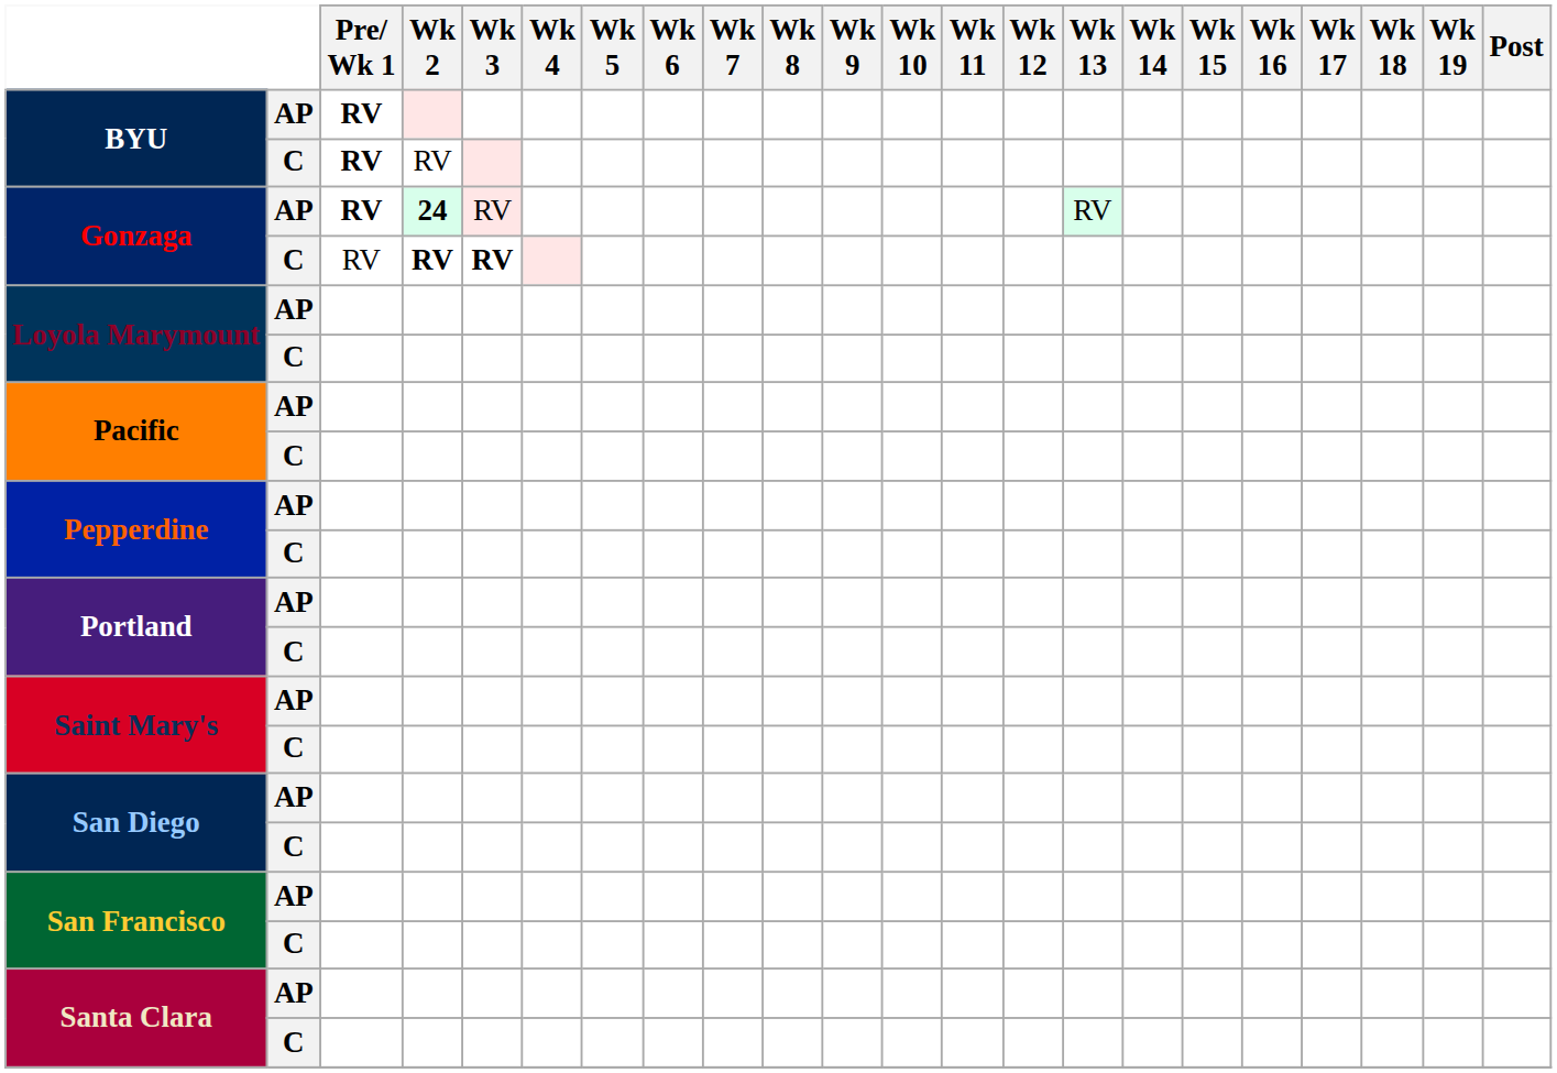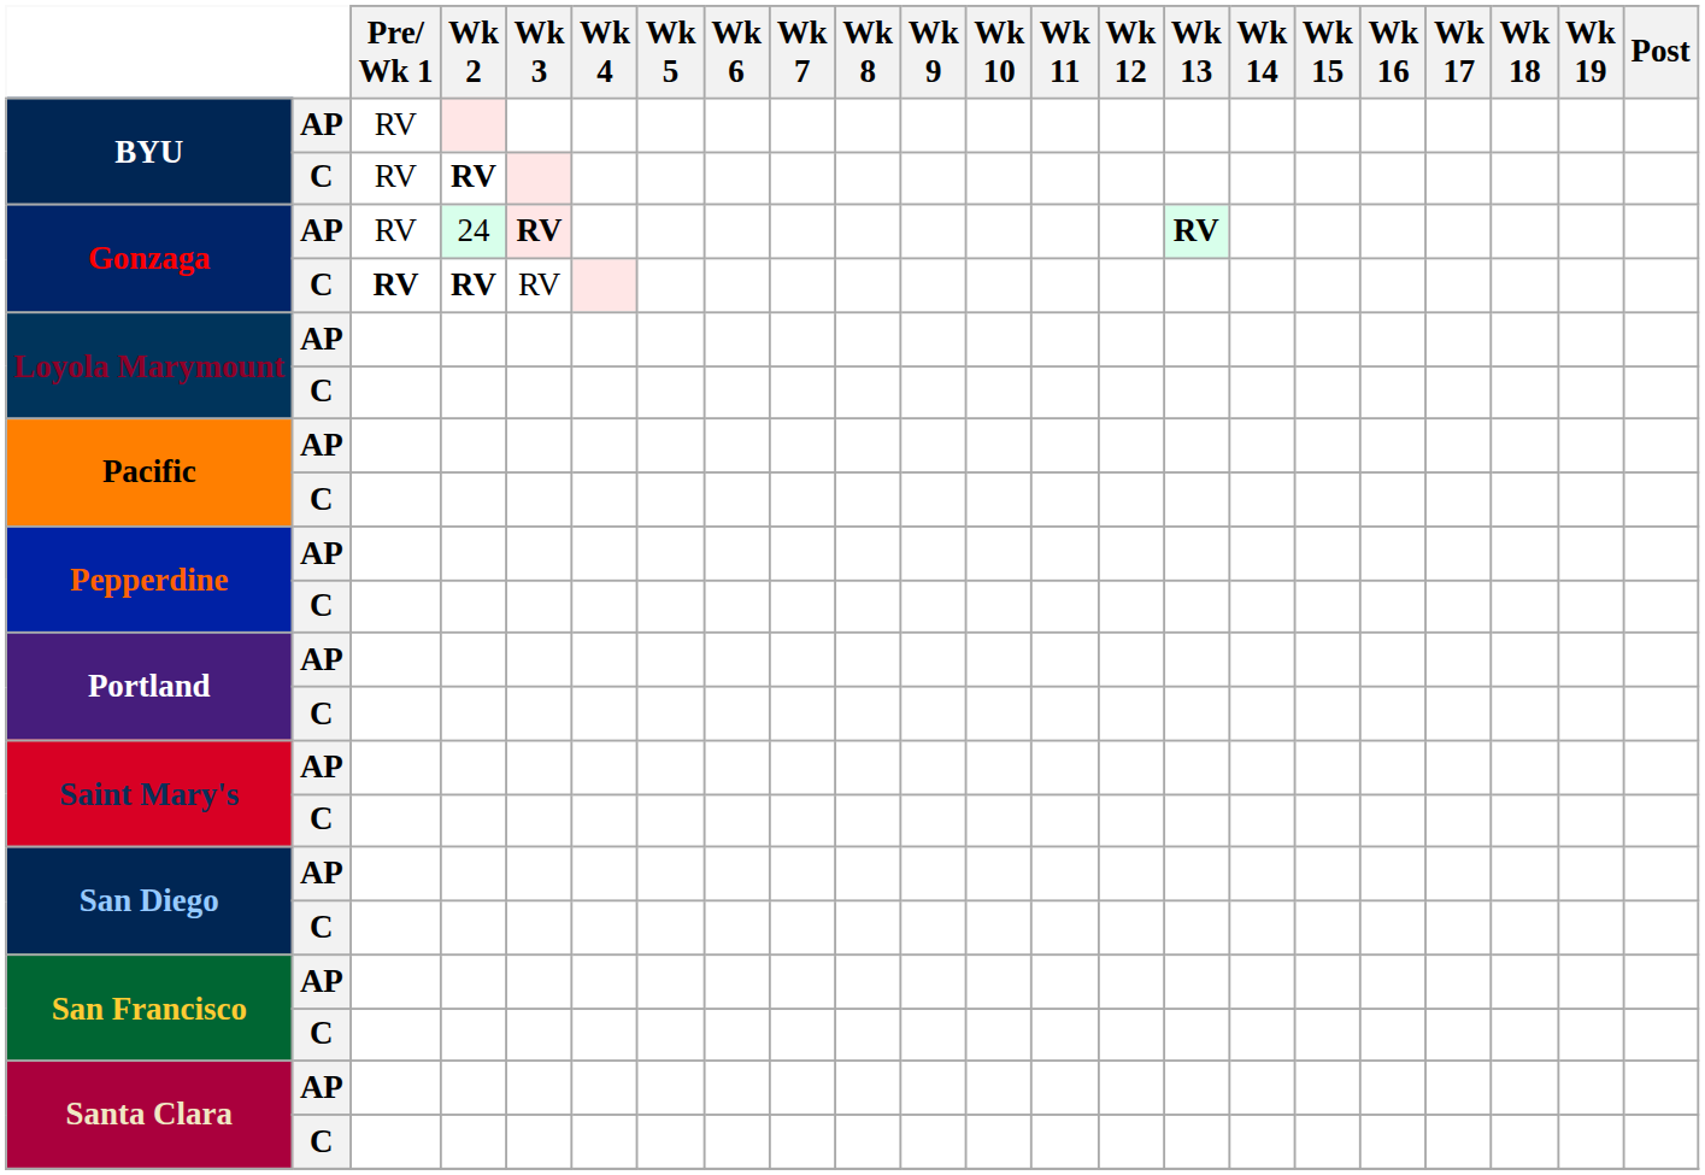 <table class="wikitable" style="white-space:nowrap;font-size:90%;">
 <tr>
 <th colspan=2 style="background:white; border-top-style:hidden; border-left-style:hidden;"> </th>
 <th>Pre/<br>Wk 1</th>
 <th>Wk<br>2</th>
 <th>Wk<br>3</th>
 <th>Wk<br>4</th>
 <th>Wk<br>5</th>
 <th>Wk<br>6</th>
 <th>Wk<br>7</th>
 <th>Wk<br>8</th>
 <th>Wk<br>9</th>
 <th>Wk<br>10</th>
 <th>Wk<br>11</th>
 <th>Wk<br>12</th>
 <th>Wk<br>13</th>
 <th>Wk<br>14</th>
 <th>Wk<br>15</th>
 <th>Wk<br>16</th>
 <th>Wk<br>17</th>
 <th>Wk<br>18</th>
 <th>Wk<br>19</th>
 <th>Post</th>
 </tr>
 <tr style="text-align:center;">
 <th rowspan=2 style="background:#002654; color:#FFFFFF;">BYU</th>
 <th>AP</th>
-<td style="background:#FFF;"><strong>RV</strong></td>
+<td style="background:#FFF;">RV</td>
 <td style="background:#FFE6E6;"></td>
 <td style="background:#FFF;"></td>
 <td style="background:#FFF;"></td>
 <td style="background:#FFF;"></td>
 <td style="background:#FFF;"></td>
 <td style="background:#FFF;"></td>
 <td style="background:#FFF;"></td>
 <td style="background:#FFF;"></td>
 <td style="background:#FFF;"></td>
 <td style="background:#FFF;"></td>
 <td style="background:#FFF;"></td>
 <td style="background:#FFF;"></td>
 <td style="background:#FFF;"></td>
 <td style="background:#FFF;"></td>
 <td style="background:#FFF;"></td>
 <td style="background:#FFF;"></td>
 <td style="background:#FFF;"></td>
 <td style="background:#FFF;"></td>
 <td style="background:#FFF;"></td>
 </tr>
 <tr style="text-align:center;">
 <th>C</th>
+<td style="background:#FFF;">RV</td>
 <td style="background:#FFF;"><strong>RV</strong></td>
-<td style="background:#FFF;">RV</td>
 <td style="background:#FFE6E6;"></td>
 <td style="background:#FFF;"></td>
 <td style="background:#FFF;"></td>
 <td style="background:#FFF;"></td>
 <td style="background:#FFF;"></td>
 <td style="background:#FFF;"></td>
 <td style="background:#FFF;"></td>
 <td style="background:#FFF;"></td>
 <td style="background:#FFF;"></td>
 <td style="background:#FFF;"></td>
 <td style="background:#FFF;"></td>
 <td style="background:#FFF;"></td>
 <td style="background:#FFF;"></td>
 <td style="background:#FFF;"></td>
 <td style="background:#FFF;"></td>
 <td style="background:#FFF;"></td>
 <td style="background:#FFF;"></td>
 <td style="background:#FFF;"></td>
 </tr>
 <tr style="text-align:center;">
 <th rowspan=2 style="background:#002469; color:#FF0000;">Gonzaga</th>
 <th>AP</th>
-<td style="background:#FFF;"><strong>RV</strong></td>
-<td style="background:#D8FFEB;"><strong>24</strong></td>
-<td style="background:#FFE6E6;">RV</td>
+<td style="background:#FFF;">RV</td>
+<td style="background:#D8FFEB;">24</td>
+<td style="background:#FFE6E6;"><strong>RV</strong></td>
 <td style="background:#FFF;"></td>
 <td style="background:#FFF;"></td>
 <td style="background:#FFF;"></td>
 <td style="background:#FFF;"></td>
 <td style="background:#FFF;"></td>
 <td style="background:#FFF;"></td>
 <td style="background:#FFF;"></td>
 <td style="background:#FFF;"></td>
 <td style="background:#FFF;"></td>
-<td style="background:#D8FFEB;">RV</td>
+<td style="background:#D8FFEB;"><strong>RV</strong></td>
 <td style="background:#FFF;"></td>
 <td style="background:#FFF;"></td>
 <td style="background:#FFF;"></td>
 <td style="background:#FFF;"></td>
 <td style="background:#FFF;"></td>
 <td style="background:#FFF;"></td>
 <td style="background:#FFF;"></td>
 </tr>
 <tr style="text-align:center;">
 <th>C</th>
-<td style="background:#FFF;">RV</td>
 <td style="background:#FFF;"><strong>RV</strong></td>
 <td style="background:#FFF;"><strong>RV</strong></td>
+<td style="background:#FFF;">RV</td>
 <td style="background:#FFE6E6;"></td>
 <td style="background:#FFF;"></td>
 <td style="background:#FFF;"></td>
 <td style="background:#FFF;"></td>
 <td style="background:#FFF;"></td>
 <td style="background:#FFF;"></td>
 <td style="background:#FFF;"></td>
 <td style="background:#FFF;"></td>
 <td style="background:#FFF;"></td>
 <td style="background:#FFF;"></td>
 <td style="background:#FFF;"></td>
 <td style="background:#FFF;"></td>
 <td style="background:#FFF;"></td>
 <td style="background:#FFF;"></td>
 <td style="background:#FFF;"></td>
 <td style="background:#FFF;"></td>
 <td style="background:#FFF;"></td>
 </tr>
 <tr style="text-align:center;">
 <th rowspan=2 style="background:#00345B; color:#8E0028;">Loyola Marymount</th>
 <th>AP</th>
 <td style="background:#FFF;"></td>
 <td style="background:#FFF;"></td>
 <td style="background:#FFF;"></td>
 <td style="background:#FFF;"></td>
 <td style="background:#FFF;"></td>
 <td style="background:#FFF;"></td>
 <td style="background:#FFF;"></td>
 <td style="background:#FFF;"></td>
 <td style="background:#FFF;"></td>
 <td style="background:#FFF;"></td>
 <td style="background:#FFF;"></td>
 <td style="background:#FFF;"></td>
 <td style="background:#FFF;"></td>
 <td style="background:#FFF;"></td>
 <td style="background:#FFF;"></td>
 <td style="background:#FFF;"></td>
 <td style="background:#FFF;"></td>
 <td style="background:#FFF;"></td>
 <td style="background:#FFF;"></td>
 <td style="background:#FFF;"></td>
 </tr>
 <tr style="text-align:center;">
 <th>C</th>
 <td style="background:#FFF;"></td>
 <td style="background:#FFF;"></td>
 <td style="background:#FFF;"></td>
 <td style="background:#FFF;"></td>
 <td style="background:#FFF;"></td>
 <td style="background:#FFF;"></td>
 <td style="background:#FFF;"></td>
 <td style="background:#FFF;"></td>
 <td style="background:#FFF;"></td>
 <td style="background:#FFF;"></td>
 <td style="background:#FFF;"></td>
 <td style="background:#FFF;"></td>
 <td style="background:#FFF;"></td>
 <td style="background:#FFF;"></td>
 <td style="background:#FFF;"></td>
 <td style="background:#FFF;"></td>
 <td style="background:#FFF;"></td>
 <td style="background:#FFF;"></td>
 <td style="background:#FFF;"></td>
 <td style="background:#FFF;"></td>
 </tr>
 <tr style="text-align:center;">
 <th rowspan=2 style="background:#FF7F00; color:#000000;">Pacific</th>
 <th>AP</th>
 <td style="background:#FFF;"></td>
 <td style="background:#FFF;"></td>
 <td style="background:#FFF;"></td>
 <td style="background:#FFF;"></td>
 <td style="background:#FFF;"></td>
 <td style="background:#FFF;"></td>
 <td style="background:#FFF;"></td>
 <td style="background:#FFF;"></td>
 <td style="background:#FFF;"></td>
 <td style="background:#FFF;"></td>
 <td style="background:#FFF;"></td>
 <td style="background:#FFF;"></td>
 <td style="background:#FFF;"></td>
 <td style="background:#FFF;"></td>
 <td style="background:#FFF;"></td>
 <td style="background:#FFF;"></td>
 <td style="background:#FFF;"></td>
 <td style="background:#FFF;"></td>
 <td style="background:#FFF;"></td>
 <td style="background:#FFF;"></td>
 </tr>
 <tr style="text-align:center;">
 <th>C</th>
 <td style="background:#FFF;"></td>
 <td style="background:#FFF;"></td>
 <td style="background:#FFF;"></td>
 <td style="background:#FFF;"></td>
 <td style="background:#FFF;"></td>
 <td style="background:#FFF;"></td>
 <td style="background:#FFF;"></td>
 <td style="background:#FFF;"></td>
 <td style="background:#FFF;"></td>
 <td style="background:#FFF;"></td>
 <td style="background:#FFF;"></td>
 <td style="background:#FFF;"></td>
 <td style="background:#FFF;"></td>
 <td style="background:#FFF;"></td>
 <td style="background:#FFF;"></td>
 <td style="background:#FFF;"></td>
 <td style="background:#FFF;"></td>
 <td style="background:#FFF;"></td>
 <td style="background:#FFF;"></td>
 <td style="background:#FFF;"></td>
 </tr>
 <tr style="text-align:center;">
 <th rowspan=2 style="background:#0021A5; color:#FF6200;">Pepperdine</th>
 <th>AP</th>
 <td style="background:#FFF;"></td>
 <td style="background:#FFF;"></td>
 <td style="background:#FFF;"></td>
 <td style="background:#FFF;"></td>
 <td style="background:#FFF;"></td>
 <td style="background:#FFF;"></td>
 <td style="background:#FFF;"></td>
 <td style="background:#FFF;"></td>
 <td style="background:#FFF;"></td>
 <td style="background:#FFF;"></td>
 <td style="background:#FFF;"></td>
 <td style="background:#FFF;"></td>
 <td style="background:#FFF;"></td>
 <td style="background:#FFF;"></td>
 <td style="background:#FFF;"></td>
 <td style="background:#FFF;"></td>
 <td style="background:#FFF;"></td>
 <td style="background:#FFF;"></td>
 <td style="background:#FFF;"></td>
 <td style="background:#FFF;"></td>
 </tr>
 <tr style="text-align:center;">
 <th>C</th>
 <td style="background:#FFF;"></td>
 <td style="background:#FFF;"></td>
 <td style="background:#FFF;"></td>
 <td style="background:#FFF;"></td>
 <td style="background:#FFF;"></td>
 <td style="background:#FFF;"></td>
 <td style="background:#FFF;"></td>
 <td style="background:#FFF;"></td>
 <td style="background:#FFF;"></td>
 <td style="background:#FFF;"></td>
 <td style="background:#FFF;"></td>
 <td style="background:#FFF;"></td>
 <td style="background:#FFF;"></td>
 <td style="background:#FFF;"></td>
 <td style="background:#FFF;"></td>
 <td style="background:#FFF;"></td>
 <td style="background:#FFF;"></td>
 <td style="background:#FFF;"></td>
 <td style="background:#FFF;"></td>
 <td style="background:#FFF;"></td>
 </tr>
 <tr style="text-align:center;">
 <th rowspan=2 style="background:#461D7C; color:#FFFFFF;">Portland</th>
 <th>AP</th>
 <td style="background:#FFF;"></td>
 <td style="background:#FFF;"></td>
 <td style="background:#FFF;"></td>
 <td style="background:#FFF;"></td>
 <td style="background:#FFF;"></td>
 <td style="background:#FFF;"></td>
 <td style="background:#FFF;"></td>
 <td style="background:#FFF;"></td>
 <td style="background:#FFF;"></td>
 <td style="background:#FFF;"></td>
 <td style="background:#FFF;"></td>
 <td style="background:#FFF;"></td>
 <td style="background:#FFF;"></td>
 <td style="background:#FFF;"></td>
 <td style="background:#FFF;"></td>
 <td style="background:#FFF;"></td>
 <td style="background:#FFF;"></td>
 <td style="background:#FFF;"></td>
 <td style="background:#FFF;"></td>
 <td style="background:#FFF;"></td>
 </tr>
 <tr style="text-align:center;">
 <th>C</th>
 <td style="background:#FFF;"></td>
 <td style="background:#FFF;"></td>
 <td style="background:#FFF;"></td>
 <td style="background:#FFF;"></td>
 <td style="background:#FFF;"></td>
 <td style="background:#FFF;"></td>
 <td style="background:#FFF;"></td>
 <td style="background:#FFF;"></td>
 <td style="background:#FFF;"></td>
 <td style="background:#FFF;"></td>
 <td style="background:#FFF;"></td>
 <td style="background:#FFF;"></td>
 <td style="background:#FFF;"></td>
 <td style="background:#FFF;"></td>
 <td style="background:#FFF;"></td>
 <td style="background:#FFF;"></td>
 <td style="background:#FFF;"></td>
 <td style="background:#FFF;"></td>
 <td style="background:#FFF;"></td>
 <td style="background:#FFF;"></td>
 </tr>
 <tr style="text-align:center;">
 <th rowspan=2 style="background:#D80024; color:#06315B;">Saint Mary's</th>
 <th>AP</th>
 <td style="background:#FFF;"></td>
 <td style="background:#FFF;"></td>
 <td style="background:#FFF;"></td>
 <td style="background:#FFF;"></td>
 <td style="background:#FFF;"></td>
 <td style="background:#FFF;"></td>
 <td style="background:#FFF;"></td>
 <td style="background:#FFF;"></td>
 <td style="background:#FFF;"></td>
 <td style="background:#FFF;"></td>
 <td style="background:#FFF;"></td>
 <td style="background:#FFF;"></td>
 <td style="background:#FFF;"></td>
 <td style="background:#FFF;"></td>
 <td style="background:#FFF;"></td>
 <td style="background:#FFF;"></td>
 <td style="background:#FFF;"></td>
 <td style="background:#FFF;"></td>
 <td style="background:#FFF;"></td>
 <td style="background:#FFF;"></td>
 </tr>
 <tr style="text-align:center;">
 <th>C</th>
 <td style="background:#FFF;"></td>
 <td style="background:#FFF;"></td>
 <td style="background:#FFF;"></td>
 <td style="background:#FFF;"></td>
 <td style="background:#FFF;"></td>
 <td style="background:#FFF;"></td>
 <td style="background:#FFF;"></td>
 <td style="background:#FFF;"></td>
 <td style="background:#FFF;"></td>
 <td style="background:#FFF;"></td>
 <td style="background:#FFF;"></td>
 <td style="background:#FFF;"></td>
 <td style="background:#FFF;"></td>
 <td style="background:#FFF;"></td>
 <td style="background:#FFF;"></td>
 <td style="background:#FFF;"></td>
 <td style="background:#FFF;"></td>
 <td style="background:#FFF;"></td>
 <td style="background:#FFF;"></td>
 <td style="background:#FFF;"></td>
 </tr>
 <tr style="text-align:center;">
 <th rowspan=2 style="background:#002654; color:#97CAFF;">San Diego</th>
 <th>AP</th>
 <td style="background:#FFF;"></td>
 <td style="background:#FFF;"></td>
 <td style="background:#FFF;"></td>
 <td style="background:#FFF;"></td>
 <td style="background:#FFF;"></td>
 <td style="background:#FFF;"></td>
 <td style="background:#FFF;"></td>
 <td style="background:#FFF;"></td>
 <td style="background:#FFF;"></td>
 <td style="background:#FFF;"></td>
 <td style="background:#FFF;"></td>
 <td style="background:#FFF;"></td>
 <td style="background:#FFF;"></td>
 <td style="background:#FFF;"></td>
 <td style="background:#FFF;"></td>
 <td style="background:#FFF;"></td>
 <td style="background:#FFF;"></td>
 <td style="background:#FFF;"></td>
 <td style="background:#FFF;"></td>
 <td style="background:#FFF;"></td>
 </tr>
 <tr style="text-align:center;">
 <th>C</th>
 <td style="background:#FFF;"></td>
 <td style="background:#FFF;"></td>
 <td style="background:#FFF;"></td>
 <td style="background:#FFF;"></td>
 <td style="background:#FFF;"></td>
 <td style="background:#FFF;"></td>
 <td style="background:#FFF;"></td>
 <td style="background:#FFF;"></td>
 <td style="background:#FFF;"></td>
 <td style="background:#FFF;"></td>
 <td style="background:#FFF;"></td>
 <td style="background:#FFF;"></td>
 <td style="background:#FFF;"></td>
 <td style="background:#FFF;"></td>
 <td style="background:#FFF;"></td>
 <td style="background:#FFF;"></td>
 <td style="background:#FFF;"></td>
 <td style="background:#FFF;"></td>
 <td style="background:#FFF;"></td>
 <td style="background:#FFF;"></td>
 </tr>
 <tr style="text-align:center;">
 <th rowspan=2 style="background:#006633; color:#FFCC33;">San Francisco</th>
 <th>AP</th>
 <td style="background:#FFF;"></td>
 <td style="background:#FFF;"></td>
 <td style="background:#FFF;"></td>
 <td style="background:#FFF;"></td>
 <td style="background:#FFF;"></td>
 <td style="background:#FFF;"></td>
 <td style="background:#FFF;"></td>
 <td style="background:#FFF;"></td>
 <td style="background:#FFF;"></td>
 <td style="background:#FFF;"></td>
 <td style="background:#FFF;"></td>
 <td style="background:#FFF;"></td>
 <td style="background:#FFF;"></td>
 <td style="background:#FFF;"></td>
 <td style="background:#FFF;"></td>
 <td style="background:#FFF;"></td>
 <td style="background:#FFF;"></td>
 <td style="background:#FFF;"></td>
 <td style="background:#FFF;"></td>
 <td style="background:#FFF;"></td>
 </tr>
 <tr style="text-align:center;">
 <th>C</th>
 <td style="background:#FFF;"></td>
 <td style="background:#FFF;"></td>
 <td style="background:#FFF;"></td>
 <td style="background:#FFF;"></td>
 <td style="background:#FFF;"></td>
 <td style="background:#FFF;"></td>
 <td style="background:#FFF;"></td>
 <td style="background:#FFF;"></td>
 <td style="background:#FFF;"></td>
 <td style="background:#FFF;"></td>
 <td style="background:#FFF;"></td>
 <td style="background:#FFF;"></td>
 <td style="background:#FFF;"></td>
 <td style="background:#FFF;"></td>
 <td style="background:#FFF;"></td>
 <td style="background:#FFF;"></td>
 <td style="background:#FFF;"></td>
 <td style="background:#FFF;"></td>
 <td style="background:#FFF;"></td>
 <td style="background:#FFF;"></td>
 </tr>
 <tr style="text-align:center;">
 <th rowspan=2 style="background:#AA003D; color:#F0E8C4;">Santa Clara</th>
 <th>AP</th>
 <td style="background:#FFF;"></td>
 <td style="background:#FFF;"></td>
 <td style="background:#FFF;"></td>
 <td style="background:#FFF;"></td>
 <td style="background:#FFF;"></td>
 <td style="background:#FFF;"></td>
 <td style="background:#FFF;"></td>
 <td style="background:#FFF;"></td>
 <td style="background:#FFF;"></td>
 <td style="background:#FFF;"></td>
 <td style="background:#FFF;"></td>
 <td style="background:#FFF;"></td>
 <td style="background:#FFF;"></td>
 <td style="background:#FFF;"></td>
 <td style="background:#FFF;"></td>
 <td style="background:#FFF;"></td>
 <td style="background:#FFF;"></td>
 <td style="background:#FFF;"></td>
 <td style="background:#FFF;"></td>
 <td style="background:#FFF;"></td>
 </tr>
 <tr style="text-align:center;">
 <th>C</th>
 <td style="background:#FFF;"></td>
 <td style="background:#FFF;"></td>
 <td style="background:#FFF;"></td>
 <td style="background:#FFF;"></td>
 <td style="background:#FFF;"></td>
 <td style="background:#FFF;"></td>
 <td style="background:#FFF;"></td>
 <td style="background:#FFF;"></td>
 <td style="background:#FFF;"></td>
 <td style="background:#FFF;"></td>
 <td style="background:#FFF;"></td>
 <td style="background:#FFF;"></td>
 <td style="background:#FFF;"></td>
 <td style="background:#FFF;"></td>
 <td style="background:#FFF;"></td>
 <td style="background:#FFF;"></td>
 <td style="background:#FFF;"></td>
 <td style="background:#FFF;"></td>
 <td style="background:#FFF;"></td>
 <td style="background:#FFF;"></td>
 </tr>
 <tr>
 </tr>
 </table>
